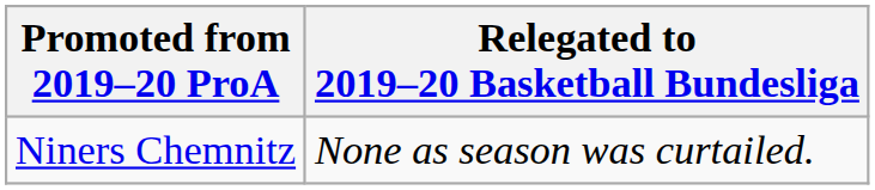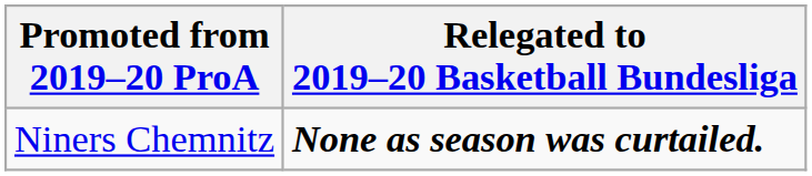 <table class="wikitable">
 <tr>
 <th>Promoted from<br><a href='#'>2019–20 ProA</a></th>
 <th>Relegated to<br><a href='#'>2019–20 Basketball Bundesliga</a></th>
 </tr>
 <tr>
 <td><a href='#'>Niners Chemnitz</a></td>
-<td><em>None as season was curtailed.</em></td>
+<td><strong><em>None as season was curtailed.</em></strong></td>
 </tr>
 </table>
